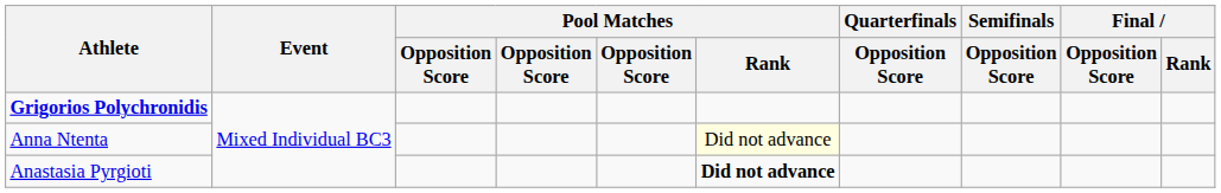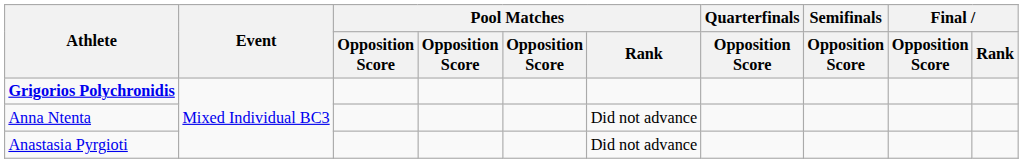 <table class=wikitable style="font-size:90%">
 <tr>
 <th rowspan="2">Athlete</th>
 <th rowspan="2">Event</th>
 <th colspan="4">Pool Matches</th>
 <th>Quarterfinals</th>
 <th>Semifinals</th>
 <th colspan=2>Final / </th>
 </tr>
 <tr>
 <th>Opposition<br>Score</th>
 <th>Opposition<br>Score</th>
 <th>Opposition<br>Score</th>
 <th>Rank</th>
 <th>Opposition<br>Score</th>
 <th>Opposition<br>Score</th>
 <th>Opposition<br>Score</th>
 <th>Rank</th>
 </tr>
 <tr align=center>
 <td align=left><strong><a href='#'>Grigorios Polychronidis</a></strong></td>
 <td align=left rowspan=3><a href='#'>Mixed Ιndividual BC3</a></td>
 <td></td>
 <td></td>
 <td></td>
 <td></td>
 <td></td>
 <td></td>
 <td></td>
 <td></td>
 </tr>
 <tr align=center>
 <td align=left><a href='#'>Anna Ntenta</a></td>
 <td></td>
 <td></td>
 <td></td>
-<td style="background: lightyellow;">Did not advance</td>
+<td>Did not advance</td>
 <td></td>
 <td></td>
 <td></td>
 <td></td>
 </tr>
 <tr align=center>
 <td align=left><a href='#'>Anastasia Pyrgioti</a></td>
 <td></td>
 <td></td>
 <td></td>
-<td><strong>Did not advance</strong></td>
+<td>Did not advance</td>
 <td></td>
 <td></td>
 <td></td>
 <td></td>
 </tr>
 </table>
